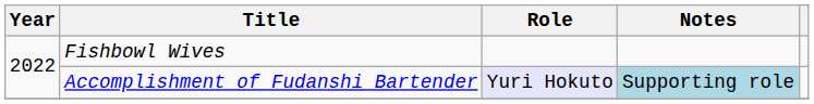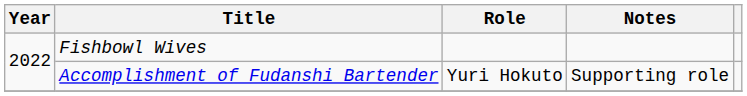 <table class="wikitable">
 <tr>
 <th>Year</th>
 <th>Title</th>
 <th>Role</th>
 <th>Notes</th>
 <th></th>
 </tr>
 <tr>
 <td rowspan="2">2022</td>
 <td><em>Fishbowl Wives</em></td>
 <td></td>
 <td></td>
 <td></td>
 </tr>
 <tr>
 <td><em><a href='#'>Accomplishment of Fudanshi Bartender</a></em></td>
-<td style="background: lavender;">Yuri Hokuto</td>
-<td style="background: lightblue;">Supporting role</td>
+<td>Yuri Hokuto</td>
+<td>Supporting role</td>
 <td></td>
 </tr>
 <tr>
 </tr>
 </table>
